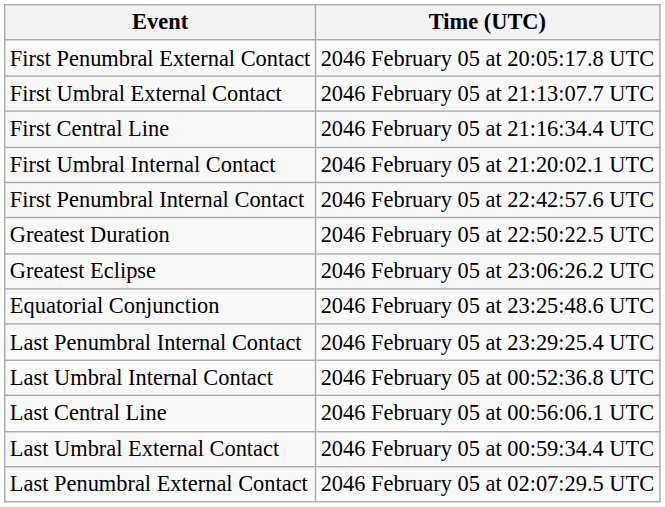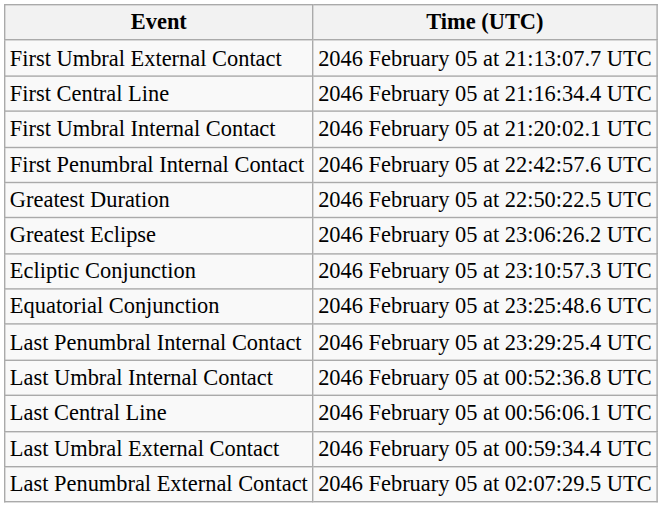 <table class="wikitable">
 <tr>
 <th>Event</th>
 <th>Time (UTC)</th>
-</tr>
-<tr>
-<td>First Penumbral External Contact</td>
-<td>2046 February 05 at 20:05:17.8 UTC</td>
 </tr>
 <tr>
 <td>First Umbral External Contact</td>
 <td>2046 February 05 at 21:13:07.7 UTC</td>
 </tr>
 <tr>
 <td>First Central Line</td>
 <td>2046 February 05 at 21:16:34.4 UTC</td>
 </tr>
 <tr>
 <td>First Umbral Internal Contact</td>
 <td>2046 February 05 at 21:20:02.1 UTC</td>
 </tr>
 <tr>
 <td>First Penumbral Internal Contact</td>
 <td>2046 February 05 at 22:42:57.6 UTC</td>
 </tr>
 <tr>
 <td>Greatest Duration</td>
 <td>2046 February 05 at 22:50:22.5 UTC</td>
 </tr>
 <tr>
 <td>Greatest Eclipse</td>
 <td>2046 February 05 at 23:06:26.2 UTC</td>
 </tr>
 <tr>
+<td>Ecliptic Conjunction</td>
+<td>2046 February 05 at 23:10:57.3 UTC</td>
+</tr>
+<tr>
 <td>Equatorial Conjunction</td>
 <td>2046 February 05 at 23:25:48.6 UTC</td>
 </tr>
 <tr>
 <td>Last Penumbral Internal Contact</td>
 <td>2046 February 05 at 23:29:25.4 UTC</td>
 </tr>
 <tr>
 <td>Last Umbral Internal Contact</td>
 <td>2046 February 05 at 00:52:36.8 UTC</td>
 </tr>
 <tr>
 <td>Last Central Line</td>
 <td>2046 February 05 at 00:56:06.1 UTC</td>
 </tr>
 <tr>
 <td>Last Umbral External Contact</td>
 <td>2046 February 05 at 00:59:34.4 UTC</td>
 </tr>
 <tr>
 <td>Last Penumbral External Contact</td>
 <td>2046 February 05 at 02:07:29.5 UTC</td>
 </tr>
 </table>
